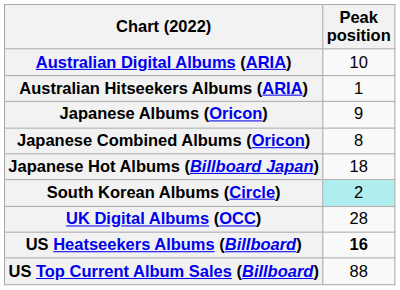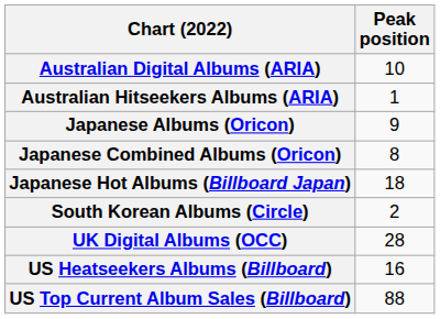 <table class="wikitable sortable plainrowheaders" style="text-align:center">
 <tr>
 <th scope="col">Chart (2022)</th>
 <th scope="col">Peak<br>position</th>
 </tr>
 <tr>
 <th scope="row"><a href='#'>Australian Digital Albums</a> (<a href='#'>ARIA</a>)</th>
 <td>10</td>
 </tr>
 <tr>
 <th scope="row">Australian Hitseekers Albums (<a href='#'>ARIA</a>)</th>
 <td>1</td>
 </tr>
 <tr>
 <th scope="row">Japanese Albums (<a href='#'>Oricon</a>)</th>
 <td>9</td>
 </tr>
 <tr>
 <th scope="row">Japanese Combined Albums (<a href='#'>Oricon</a>)</th>
 <td>8</td>
 </tr>
 <tr>
 <th scope="row">Japanese Hot Albums (<em><a href='#'>Billboard Japan</a></em>)</th>
 <td>18</td>
 </tr>
 <tr>
 <th scope="row">South Korean Albums (<a href='#'>Circle</a>)</th>
-<td style="background: paleturquoise;">2</td>
+<td>2</td>
 </tr>
 <tr>
 <th scope="row"><a href='#'>UK Digital Albums</a> (<a href='#'>OCC</a>)</th>
 <td>28</td>
 </tr>
 <tr>
 <th scope="row">US <a href='#'>Heatseekers Albums</a> (<em><a href='#'>Billboard</a></em>)</th>
-<td><strong>16</strong></td>
+<td>16</td>
 </tr>
 <tr>
 <th scope="row">US <a href='#'>Top Current Album Sales</a> (<em><a href='#'>Billboard</a></em>)</th>
 <td>88</td>
 </tr>
 </table>
